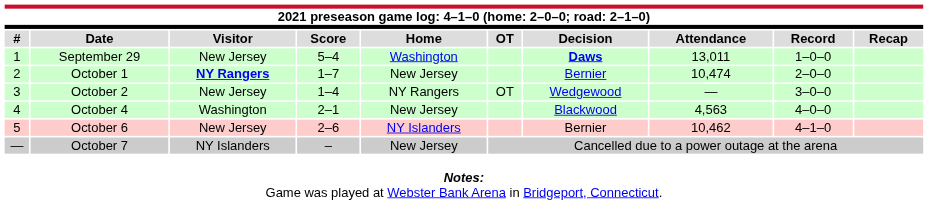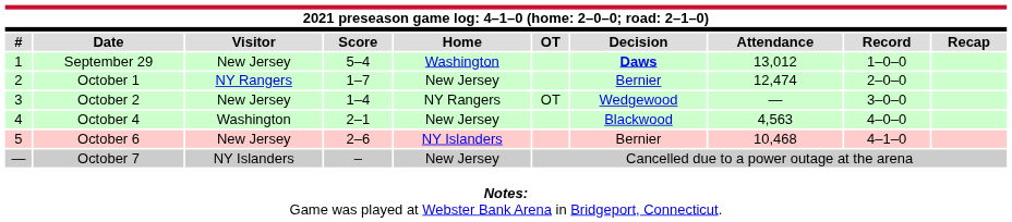 <table class="toccolours collapsible collapsed" style="width:90%; clear:both; margin:1.5em auto; text-align:center;">
 <tr>
 <th colspan="10" style="background:#FFFFFF; border-top:#C8102E 5px solid; border-bottom:#010101 5px solid;">2021 preseason game log: 4–1–0 (home: 2–0–0; road: 2–1–0)</th>
 </tr>
 <tr style="background:#ddd;">
 <th>#</th>
 <th>Date</th>
 <th>Visitor</th>
 <th>Score</th>
 <th>Home</th>
 <th>OT</th>
 <th>Decision</th>
 <th>Attendance</th>
 <th>Record</th>
 <th>Recap</th>
 </tr>
 <tr style="background:#cfc;">
 <td>1</td>
 <td>September 29</td>
 <td>New Jersey</td>
 <td>5–4</td>
 <td><a href='#'>Washington</a></td>
 <td></td>
 <td><strong><a href='#'>Daws</a></strong></td>
-<td>13,011</td>
+<td>13,012</td>
 <td>1–0–0</td>
 <td></td>
 </tr>
 <tr style="background:#cfc;">
 <td>2</td>
 <td>October 1</td>
-<td><strong><a href='#'>NY Rangers</a></strong></td>
+<td><a href='#'>NY Rangers</a></td>
 <td>1–7</td>
 <td>New Jersey</td>
 <td></td>
 <td><a href='#'>Bernier</a></td>
-<td>10,474</td>
+<td>12,474</td>
 <td>2–0–0</td>
 <td></td>
 </tr>
 <tr style="background:#cfc;">
 <td>3</td>
 <td>October 2</td>
 <td>New Jersey</td>
 <td>1–4</td>
 <td>NY Rangers</td>
 <td>OT</td>
 <td><a href='#'>Wedgewood</a></td>
 <td>—</td>
 <td>3–0–0</td>
 <td></td>
 </tr>
 <tr style="background:#cfc;">
 <td>4</td>
 <td>October 4</td>
 <td>Washington</td>
 <td>2–1</td>
 <td>New Jersey</td>
 <td></td>
 <td><a href='#'>Blackwood</a></td>
 <td>4,563</td>
 <td>4–0–0</td>
 <td></td>
 </tr>
 <tr style="background:#fcc;">
 <td>5</td>
 <td>October 6</td>
 <td>New Jersey</td>
 <td>2–6</td>
 <td><a href='#'>NY Islanders</a></td>
 <td></td>
 <td>Bernier</td>
-<td>10,462</td>
+<td>10,468</td>
 <td>4–1–0</td>
 <td></td>
 </tr>
 <tr style="background:#ccc;">
 <td>—</td>
 <td>October 7</td>
 <td>NY Islanders</td>
 <td>–</td>
 <td>New Jersey</td>
 <td colspan="5">Cancelled due to a power outage at the arena</td>
 </tr>
 <tr>
 <td colspan="10" style="text-align:center;"><br><strong><em>Notes:</em></strong><br>  Game was played at <a href='#'>Webster Bank Arena</a> in <a href='#'>Bridgeport, Connecticut</a>.</td>
 </tr>
 </table>
